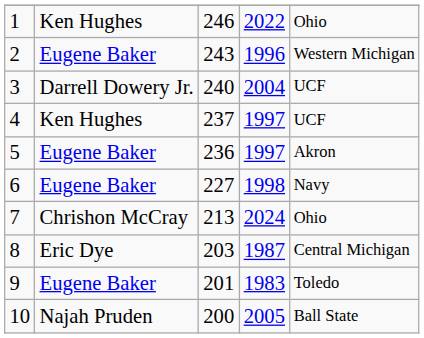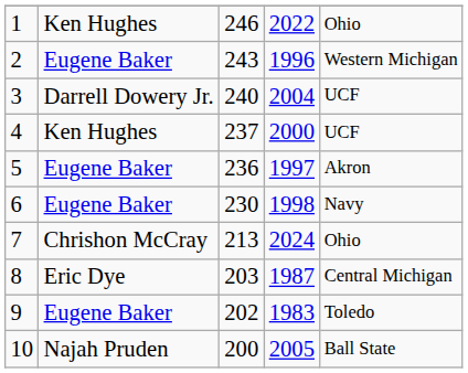 <table class="wikitable" style="display:inline-table;">
 <tr>
 </tr>
 <tr>
 <td>1</td>
 <td>Ken Hughes</td>
 <td>246</td>
 <td><a href='#'>2022</a></td>
 <td style="font-size:80%;">Ohio</td>
 </tr>
 <tr>
 <td>2</td>
 <td><a href='#'>Eugene Baker</a></td>
 <td>243</td>
 <td><a href='#'>1996</a></td>
 <td style="font-size:80%;">Western Michigan</td>
 </tr>
 <tr>
 <td>3</td>
 <td>Darrell Dowery Jr.</td>
 <td>240</td>
 <td><a href='#'>2004</a></td>
 <td style="font-size:80%;">UCF</td>
 </tr>
 <tr>
 <td>4</td>
 <td>Ken Hughes</td>
 <td>237</td>
-<td><a href='#'>1997</a></td>
+<td><a href='#'>2000</a></td>
 <td style="font-size:80%;">UCF</td>
 </tr>
 <tr>
 <td>5</td>
 <td><a href='#'>Eugene Baker</a></td>
 <td>236</td>
 <td><a href='#'>1997</a></td>
 <td style="font-size:80%;">Akron</td>
 </tr>
 <tr>
 <td>6</td>
 <td><a href='#'>Eugene Baker</a></td>
-<td>227</td>
+<td>230</td>
 <td><a href='#'>1998</a></td>
 <td style="font-size:80%;">Navy</td>
 </tr>
 <tr>
 <td>7</td>
 <td>Chrishon McCray</td>
 <td>213</td>
 <td><a href='#'>2024</a></td>
 <td style="font-size:80%;">Ohio</td>
 </tr>
 <tr>
 <td>8</td>
 <td>Eric Dye</td>
 <td>203</td>
 <td><a href='#'>1987</a></td>
 <td style="font-size:80%;">Central Michigan</td>
 </tr>
 <tr>
 <td>9</td>
 <td><a href='#'>Eugene Baker</a></td>
-<td>201</td>
+<td>202</td>
 <td><a href='#'>1983</a></td>
 <td style="font-size:80%;">Toledo</td>
 </tr>
 <tr>
 <td>10</td>
 <td>Najah Pruden</td>
 <td>200</td>
 <td><a href='#'>2005</a></td>
 <td style="font-size:80%;">Ball State</td>
 </tr>
 </table>
